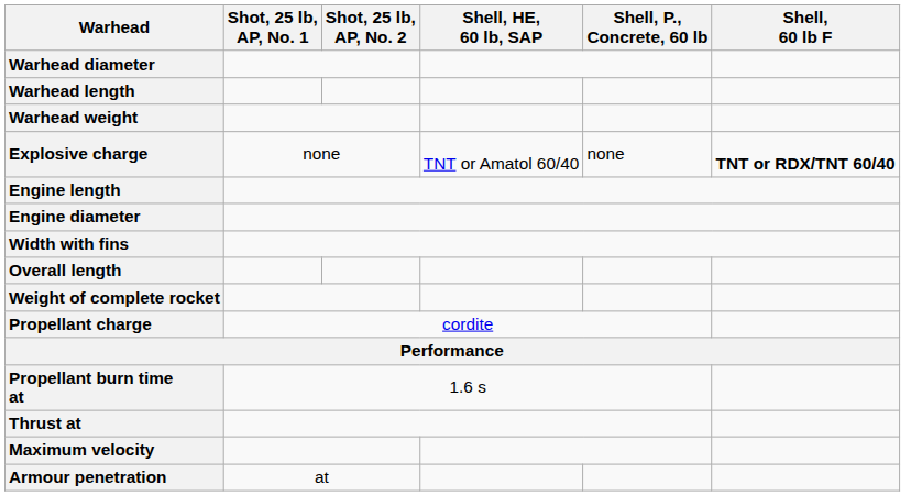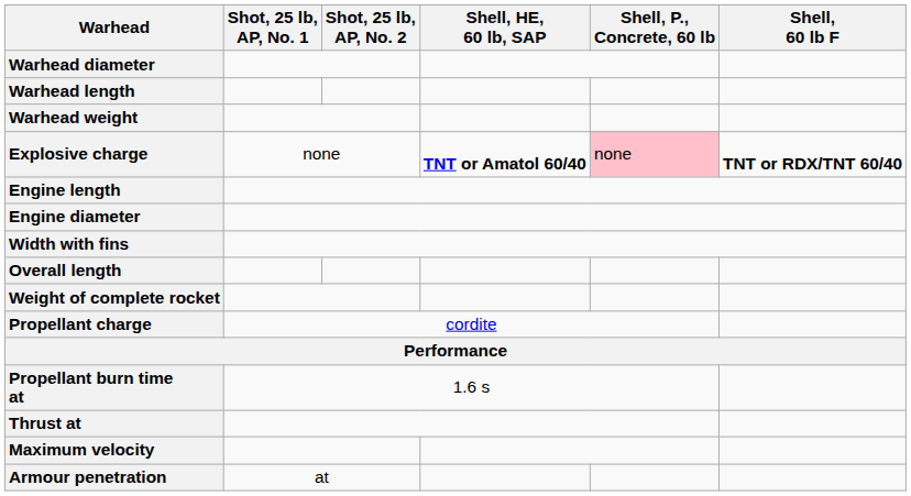 <table class="wikitable">
 <tr>
 </tr>
 <tr>
 <th>Warhead</th>
 <th>Shot, 25 lb,<br> AP, No. 1</th>
 <th>Shot, 25 lb,<br> AP, No. 2</th>
 <th>Shell, HE, <br>60 lb, SAP</th>
 <th>Shell, P., <br>Concrete, 60 lb</th>
 <th>Shell, <br>60 lb F</th>
 </tr>
 <tr>
 <th style="text-align: left;">Warhead diameter</th>
 <td colspan="2" style="text-align: center;"></td>
 <td colspan="2" style="text-align: center;"></td>
 <td style="text-align: center;"></td>
 </tr>
 <tr>
 <th style="text-align: left;">Warhead length</th>
 <td style="text-align: center;"></td>
 <td></td>
 <td></td>
 <td></td>
 <td></td>
 </tr>
 <tr>
 <th style="text-align: left;">Warhead weight</th>
 <td colspan="2" style="text-align: center;"></td>
 <td></td>
 <td></td>
 <td></td>
 </tr>
 <tr>
 <th style="text-align: left;">Explosive charge</th>
 <td colspan="2" style="text-align: center;">none</td>
-<td> <br><a href='#'>TNT</a> or Amatol 60/40</td>
-<td>none</td>
+<td><strong> <br><a href='#'>TNT</a> or Amatol 60/40</strong></td>
+<td style="background: pink;">none</td>
 <td><strong><br> TNT or RDX/TNT 60/40</strong></td>
 </tr>
 <tr>
 <th style="text-align: left;">Engine length</th>
 <td colspan="5" style="text-align: center;"></td>
 </tr>
 <tr>
 <th style="text-align: left;">Engine diameter</th>
 <td colspan="5" style="text-align: center;"></td>
 </tr>
 <tr>
 <th style="text-align: left;">Width with fins</th>
 <td colspan="5" style="text-align: center;"></td>
 </tr>
 <tr>
 <th style="text-align: left;">Overall length</th>
 <td></td>
 <td></td>
 <td></td>
 <td></td>
 <td></td>
 </tr>
 <tr>
 <th style="text-align: center;">Weight of complete rocket</th>
 <td colspan="2" style="text-align: center;"></td>
 <td></td>
 <td></td>
 <td></td>
 </tr>
 <tr>
 <th style="text-align: left;">Propellant charge</th>
 <td colspan="4" style="text-align: center;"> <a href='#'>cordite</a></td>
 <td></td>
 </tr>
 <tr>
 <th colspan="6">Performance</th>
 </tr>
 <tr>
 <th style="text-align: left;">Propellant burn time<br>at </th>
 <td colspan="4" style="text-align: center;">1.6 s</td>
 <td></td>
 </tr>
 <tr>
 <th style="text-align: left;">Thrust at </th>
 <td colspan="4" style="text-align: center;"></td>
 <td></td>
 </tr>
 <tr>
 <th style="text-align: left;">Maximum velocity</th>
 <td colspan="2" style="text-align: center;"></td>
 <td colspan="2" style="text-align: center;"></td>
 <td></td>
 </tr>
 <tr>
 <th style="text-align: left;">Armour penetration</th>
 <td colspan="2" style="text-align: center;"> at </td>
 <td style="text-align: center;"></td>
 <td style="text-align: center;"></td>
 <td></td>
 </tr>
 </table>
